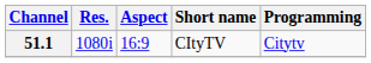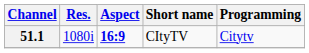 <table class="wikitable">
 <tr>
 <th scope = "col"><a href='#'>Channel</a></th>
 <th scope = "col"><a href='#'>Res.</a></th>
 <th scope = "col"><a href='#'>Aspect</a></th>
 <th scope = "col">Short name</th>
 <th scope = "col">Programming</th>
 </tr>
 <tr>
 <th scope = "col">51.1</th>
 <td><a href='#'>1080i</a></td>
-<td><a href='#'>16:9</a></td>
+<td><strong><a href='#'>16:9</a></strong></td>
 <td>CItyTV</td>
 <td><a href='#'>Citytv</a></td>
 </tr>
 <tr>
 </tr>
 </table>
